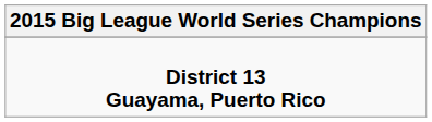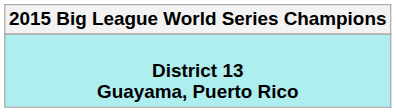 <table class="wikitable" style="text-align: center; margin: 0 auto;">
 <tr>
 <th>2015 Big League World Series Champions</th>
 </tr>
 <tr>
 </tr>
 <tr>
-<td><br><strong>District 13</strong><br> <strong>Guayama, Puerto Rico</strong></td>
+<td style="background: paleturquoise;"><br><strong>District 13</strong><br> <strong>Guayama, Puerto Rico</strong></td>
 </tr>
 </table>
